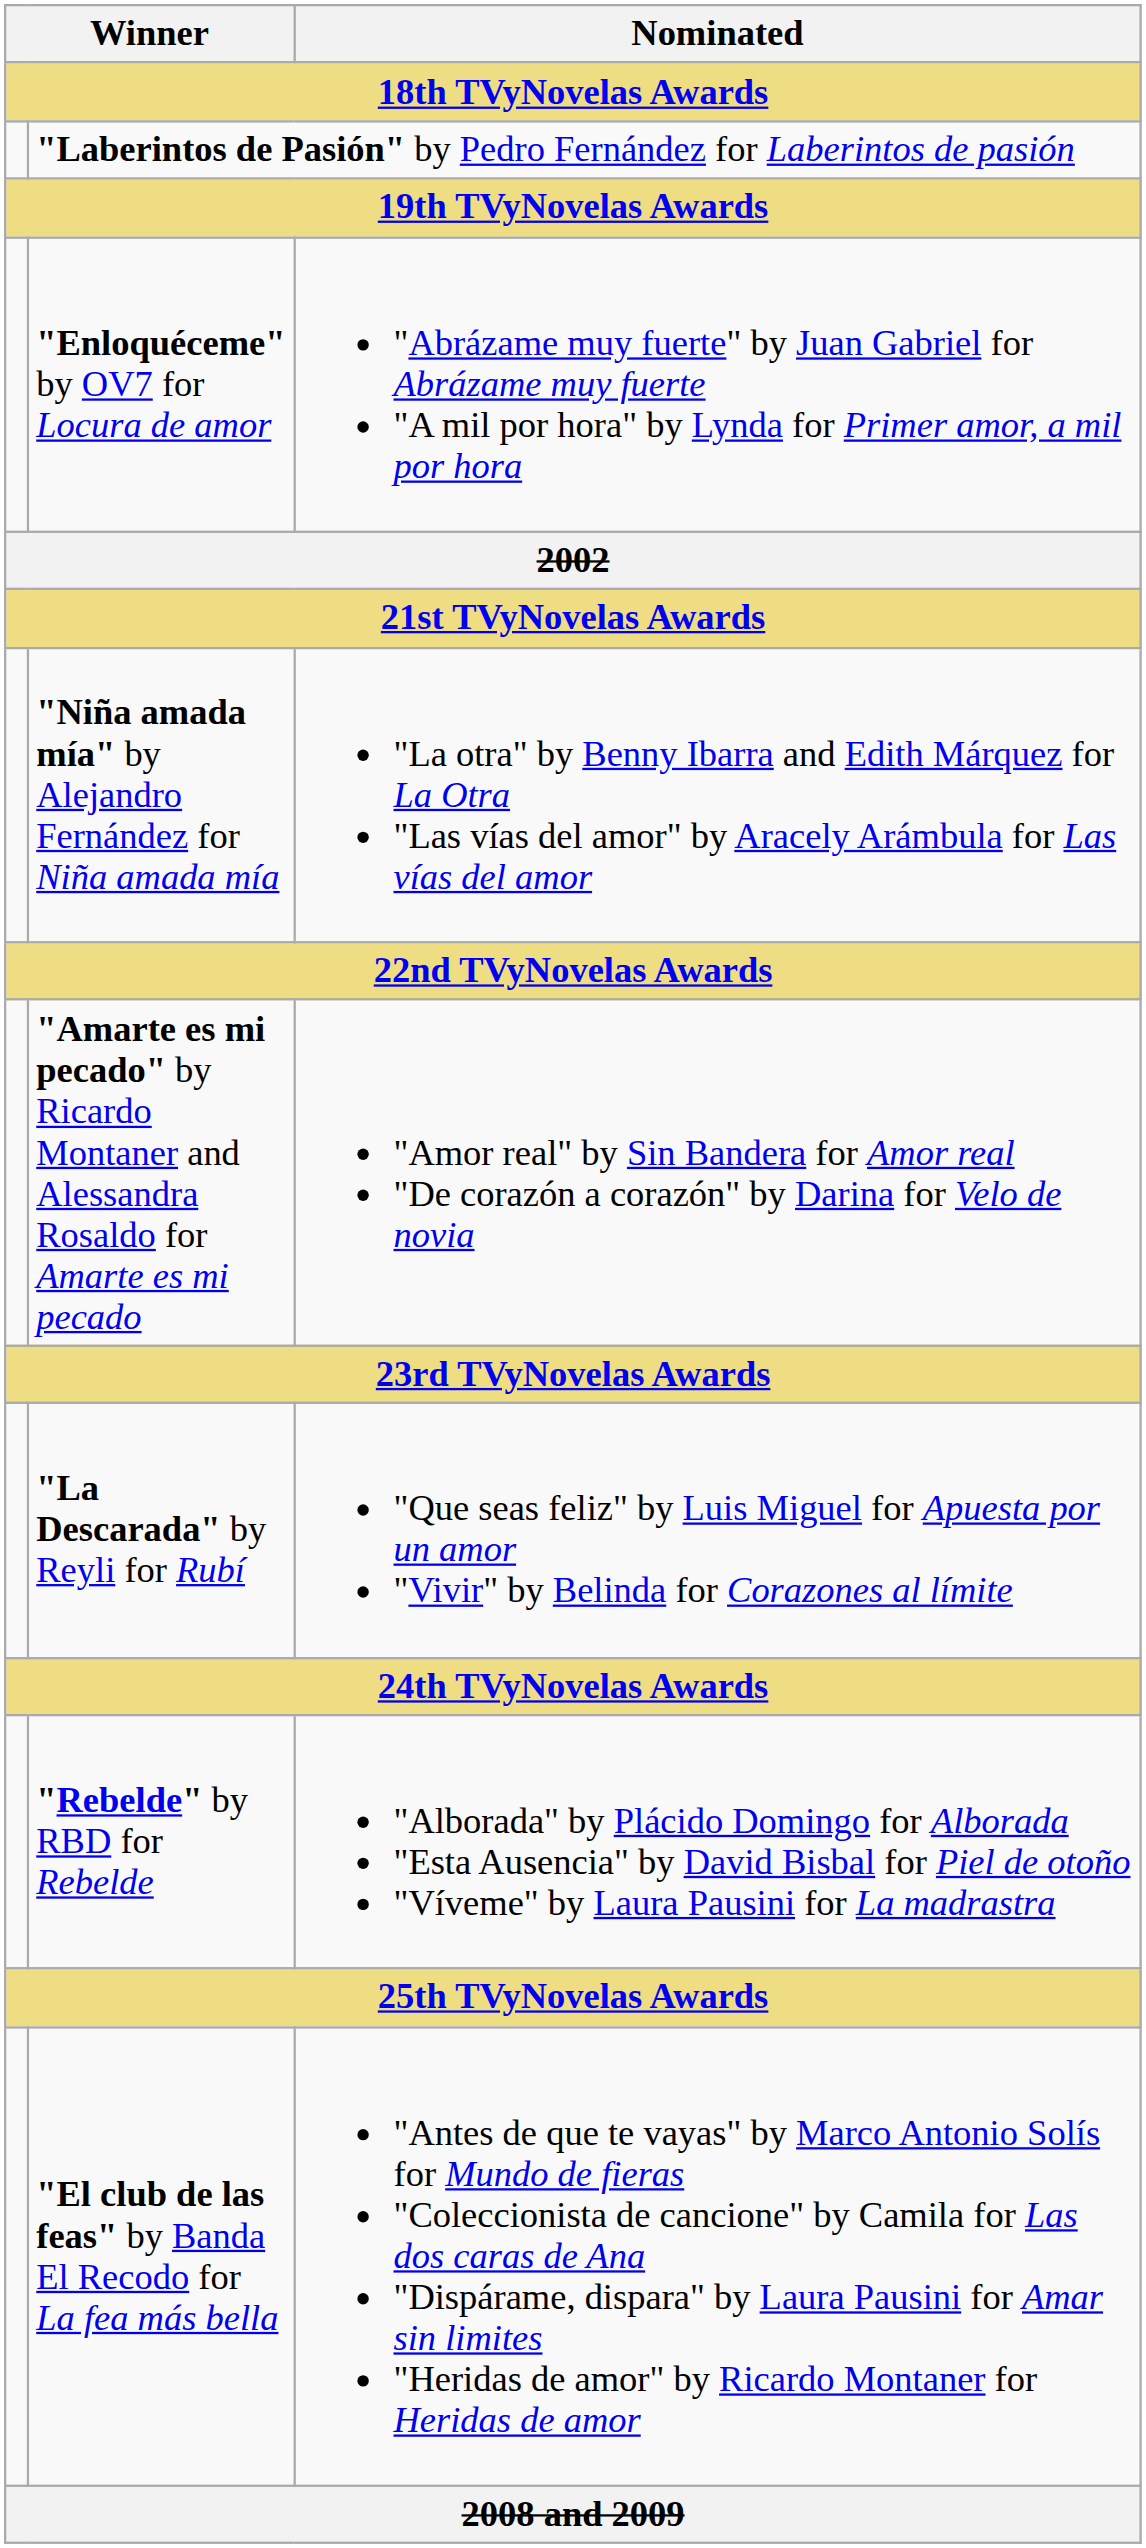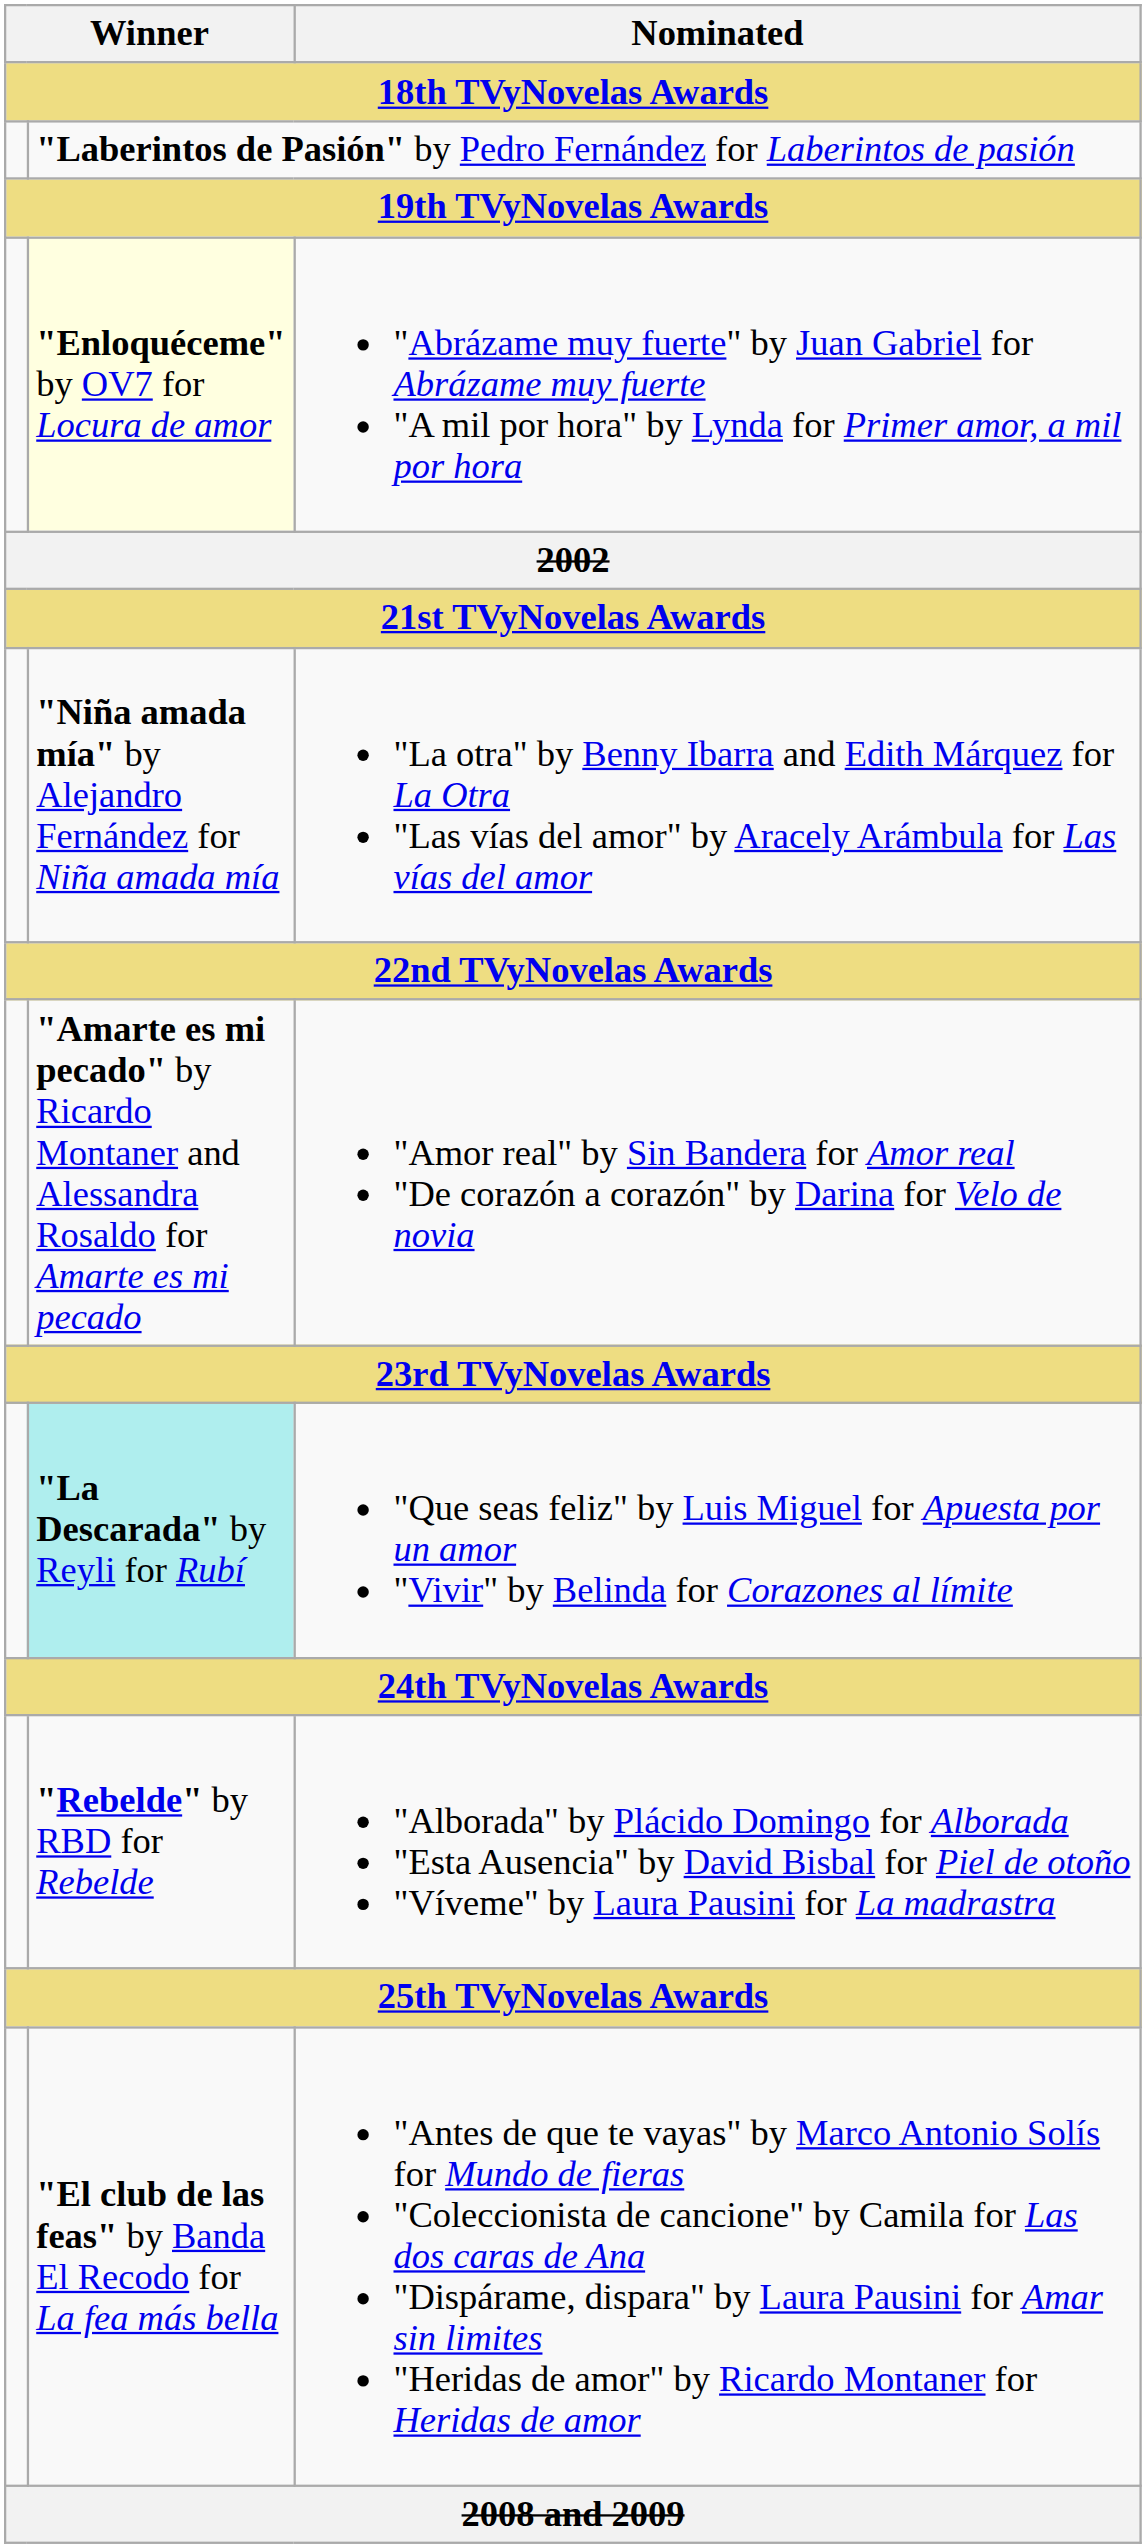 <table class="wikitable" width=80%>
 <tr align=center>
 <th width="150px;" colspan=2; align="center">Winner</th>
 <th width="580px;" align="center">Nominated</th>
 </tr>
 <tr>
 <th colspan=9 style="background:#EEDD82;"  align="center"><strong><a href='#'>18th TVyNovelas Awards</a></strong></th>
 </tr>
 <tr>
 <td width=2%></td>
 <td colspan=2><strong>"Laberintos de Pasión"</strong> by <a href='#'>Pedro Fernández</a> for <em><a href='#'>Laberintos de pasión</a></em></td>
 </tr>
 <tr>
 <th colspan=9 style="background:#EEDD82;"  align="center"><strong><a href='#'>19th TVyNovelas Awards</a></strong></th>
 </tr>
 <tr>
 <td width=2%></td>
-<td><strong>"Enloquéceme"</strong> by <a href='#'>OV7</a> for <em><a href='#'>Locura de amor</a></em></td>
+<td style="background: lightyellow;"><strong>"Enloquéceme"</strong> by <a href='#'>OV7</a> for <em><a href='#'>Locura de amor</a></em></td>
 <td><br><ul><li>"<a href='#'>Abrázame muy fuerte</a>" by <a href='#'>Juan Gabriel</a> for <em><a href='#'>Abrázame muy fuerte</a></em></li><li>"A mil por hora" by <a href='#'>Lynda</a> for <em><a href='#'>Primer amor, a mil por hora</a></em></li></ul></td>
 </tr>
 <tr>
 <th colspan=9 align="center"><s>2002</s></th>
 </tr>
 <tr>
 <th colspan=9 style="background:#EEDD82;"  align="center"><strong><a href='#'>21st TVyNovelas Awards</a></strong></th>
 </tr>
 <tr>
 <td width=2%></td>
 <td><strong>"Niña amada mía"</strong> by <a href='#'>Alejandro Fernández</a> for <em><a href='#'>Niña amada mía</a></em></td>
 <td><br><ul><li>"La otra" by <a href='#'>Benny Ibarra</a> and <a href='#'>Edith Márquez</a> for <em><a href='#'>La Otra</a></em></li><li>"Las vías del amor" by <a href='#'>Aracely Arámbula</a> for <em><a href='#'>Las vías del amor</a></em></li></ul></td>
 </tr>
 <tr>
 <th colspan=9 style="background:#EEDD82;"  align="center"><strong><a href='#'>22nd TVyNovelas Awards</a></strong></th>
 </tr>
 <tr>
 <td width=2%></td>
 <td><strong>"Amarte es mi pecado"</strong> by <a href='#'>Ricardo Montaner</a> and <a href='#'>Alessandra Rosaldo</a> for <em><a href='#'>Amarte es mi pecado</a></em></td>
 <td><br><ul><li>"Amor real" by <a href='#'>Sin Bandera</a> for <em><a href='#'>Amor real</a></em></li><li>"De corazón a corazón" by  <a href='#'>Darina</a> for <em><a href='#'>Velo de novia</a></em></li></ul></td>
 </tr>
 <tr>
 <th colspan=9 style="background:#EEDD82;"  align="center"><strong><a href='#'>23rd TVyNovelas Awards</a></strong></th>
 </tr>
 <tr>
 <td width=2%></td>
-<td><strong>"La Descarada"</strong> by <a href='#'>Reyli</a> for <em><a href='#'>Rubí</a></em></td>
+<td style="background: paleturquoise;"><strong>"La Descarada"</strong> by <a href='#'>Reyli</a> for <em><a href='#'>Rubí</a></em></td>
 <td><br><ul><li>"Que seas feliz" by <a href='#'>Luis Miguel</a> for <em><a href='#'>Apuesta por un amor</a></em></li><li>"<a href='#'>Vivir</a>" by <a href='#'>Belinda</a> for <em><a href='#'>Corazones al límite</a></em></li></ul></td>
 </tr>
 <tr>
 <th colspan=9 style="background:#EEDD82;"  align="center"><strong><a href='#'>24th TVyNovelas Awards</a></strong></th>
 </tr>
 <tr>
 <td width=2%></td>
 <td><strong>"<a href='#'>Rebelde</a>"</strong> by <a href='#'>RBD</a> for <em><a href='#'>Rebelde</a></em></td>
 <td><br><ul><li>"Alborada" by <a href='#'>Plácido Domingo</a> for <em><a href='#'>Alborada</a></em></li><li>"Esta Ausencia" by <a href='#'>David Bisbal</a> for <em><a href='#'>Piel de otoño</a></em></li><li>"Víveme" by <a href='#'>Laura Pausini</a> for <em><a href='#'>La madrastra</a></em></li></ul></td>
 </tr>
 <tr>
 <th colspan=9 style="background:#EEDD82;"  align="center"><strong><a href='#'>25th TVyNovelas Awards</a></strong></th>
 </tr>
 <tr>
 <td width=2%></td>
 <td><strong>"El club de las feas"</strong> by <a href='#'>Banda El Recodo</a> for <em><a href='#'>La fea más bella</a></em></td>
 <td><br><ul><li>"Antes de que te vayas" by <a href='#'>Marco Antonio Solís</a> for <em><a href='#'>Mundo de fieras</a></em></li><li>"Coleccionista de cancione" by Camila for <em><a href='#'>Las dos caras de Ana</a></em></li><li>"Dispárame, dispara" by <a href='#'>Laura Pausini</a> for <em><a href='#'>Amar sin limites</a></em></li><li>"Heridas de amor" by <a href='#'>Ricardo Montaner</a> for <em><a href='#'>Heridas de amor</a></em></li></ul></td>
 </tr>
 <tr>
 <th colspan=9 align="center"><s>2008 and 2009</s></th>
 </tr>
 </table>
